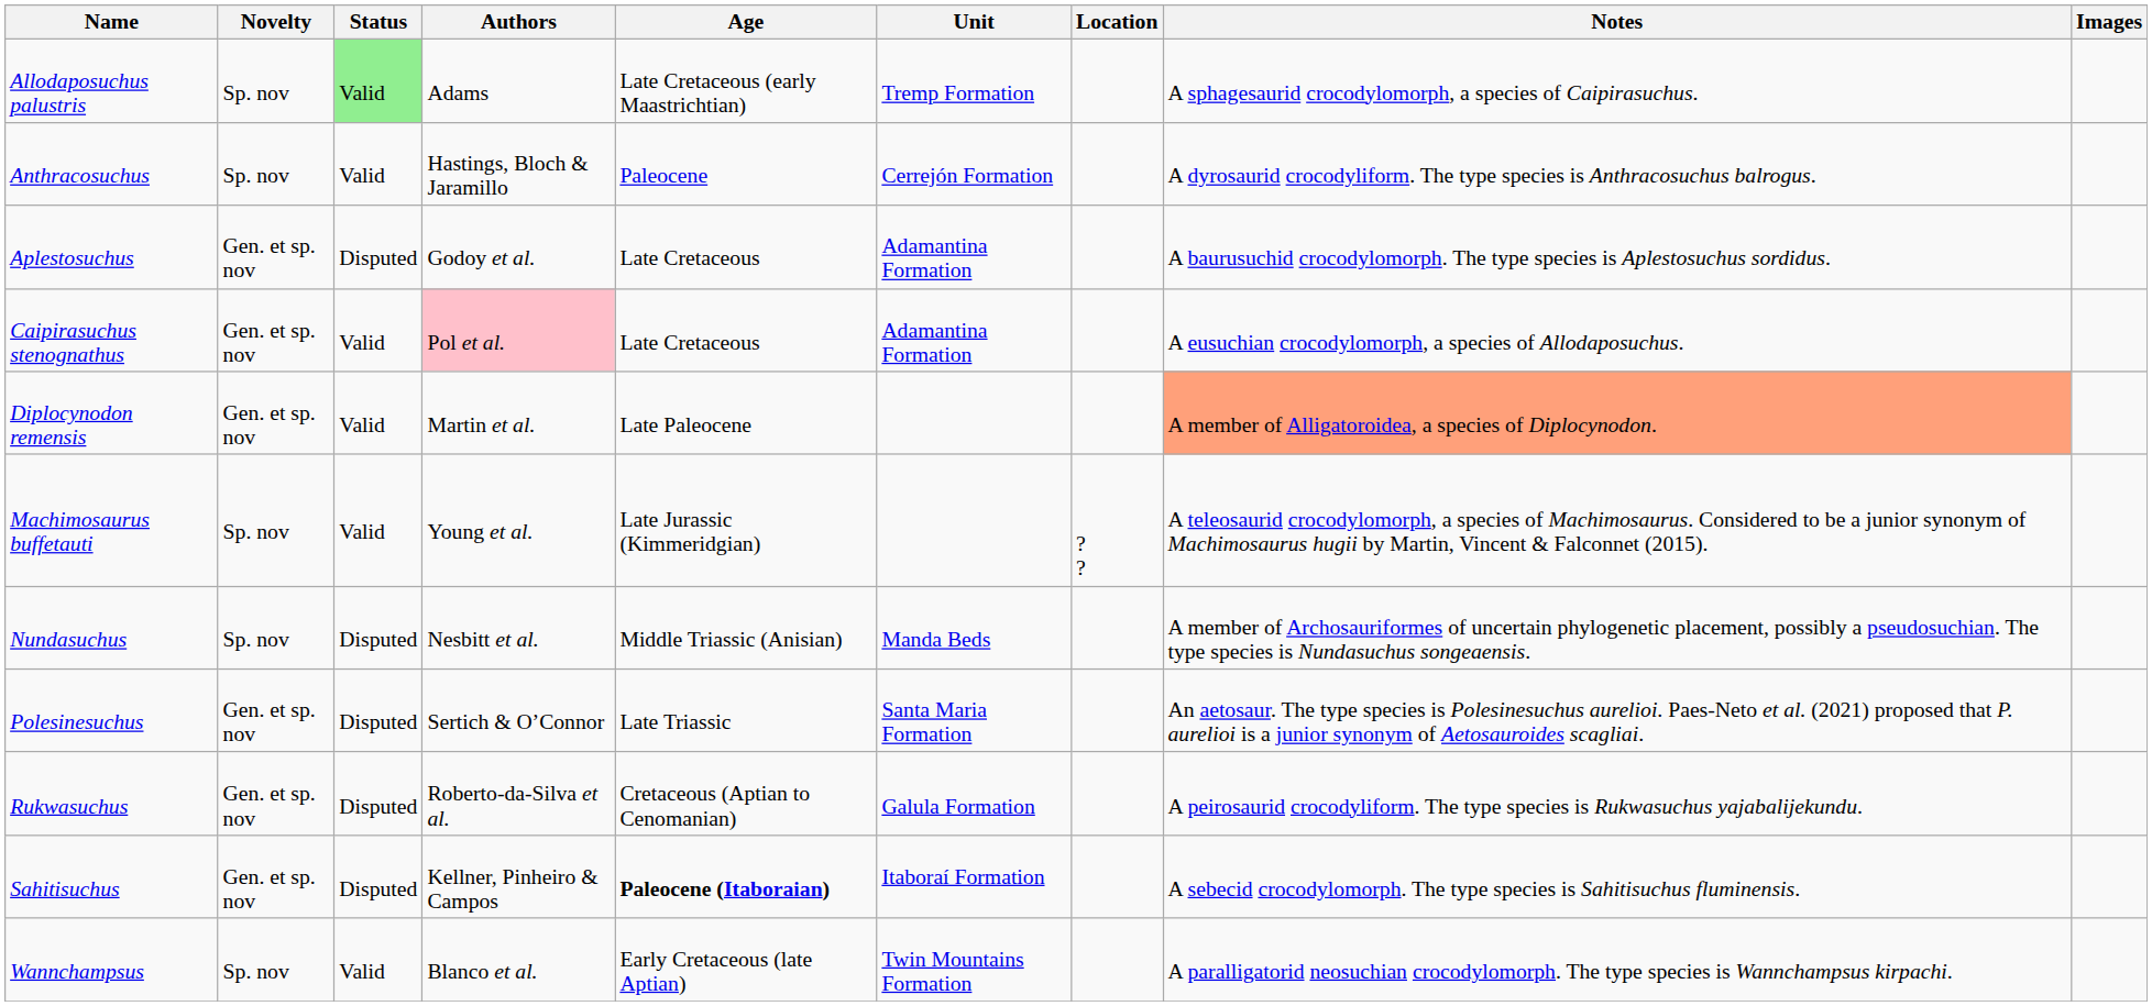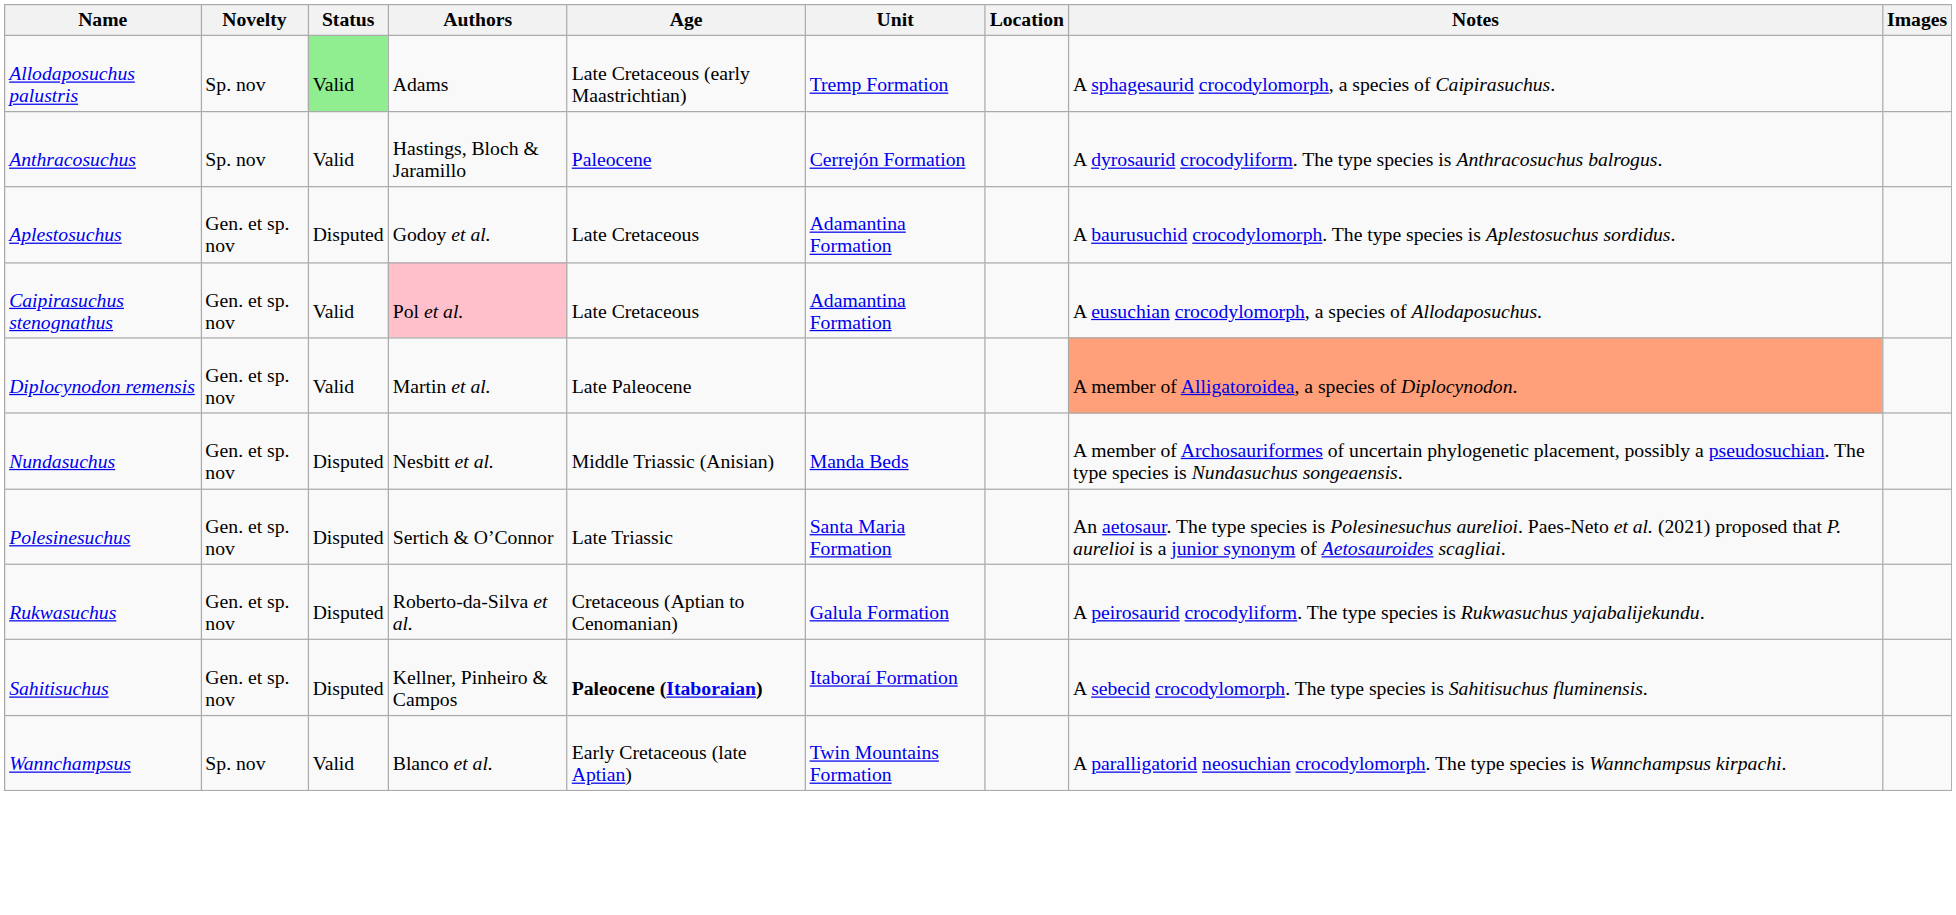 <table class="wikitable sortable" align="center" width="100%">
 <tr>
 <th>Name</th>
 <th>Novelty</th>
 <th>Status</th>
 <th>Authors</th>
 <th>Age</th>
 <th>Unit</th>
 <th>Location</th>
 <th>Notes</th>
 <th>Images</th>
 </tr>
 <tr>
 <td><br><em><a href='#'>Allodaposuchus palustris</a></em></td>
 <td><br>Sp. nov</td>
 <td style="background: lightgreen;"><br>Valid</td>
 <td><br>Adams</td>
 <td><br>Late Cretaceous (early Maastrichtian)</td>
 <td><br><a href='#'>Tremp Formation</a></td>
 <td><br></td>
 <td><br>A <a href='#'>sphagesaurid</a> <a href='#'>crocodylomorph</a>, a species of <em>Caipirasuchus</em>.</td>
 <td></td>
 </tr>
 <tr>
 <td><br><em><a href='#'>Anthracosuchus</a></em></td>
 <td><br>Sp. nov</td>
 <td><br>Valid</td>
 <td><br>Hastings, Bloch & Jaramillo</td>
 <td><br><a href='#'>Paleocene</a></td>
 <td><br><a href='#'>Cerrejón Formation</a></td>
 <td><br></td>
 <td><br>A <a href='#'>dyrosaurid</a> <a href='#'>crocodyliform</a>. The type species is <em>Anthracosuchus balrogus</em>.</td>
 <td></td>
 </tr>
 <tr>
 <td><br><em><a href='#'>Aplestosuchus</a></em></td>
 <td><br>Gen. et sp. nov</td>
 <td><br>Disputed</td>
 <td><br>Godoy <em>et al.</em></td>
 <td><br>Late Cretaceous</td>
 <td><br><a href='#'>Adamantina Formation</a></td>
 <td><br></td>
 <td><br>A <a href='#'>baurusuchid</a> <a href='#'>crocodylomorph</a>. The type species is <em>Aplestosuchus sordidus</em>.</td>
 <td></td>
 </tr>
 <tr>
 <td><br><em><a href='#'>Caipirasuchus stenognathus</a></em></td>
 <td><br>Gen. et sp. nov</td>
 <td><br>Valid</td>
 <td style="background: pink;"><br>Pol <em>et al.</em></td>
 <td><br>Late Cretaceous</td>
 <td><br><a href='#'>Adamantina Formation</a></td>
 <td><br></td>
 <td><br>A <a href='#'>eusuchian</a> <a href='#'>crocodylomorph</a>, a species of <em>Allodaposuchus</em>.</td>
 <td></td>
 </tr>
 <tr>
 <td><br><em><a href='#'>Diplocynodon remensis</a></em></td>
 <td><br>Gen. et sp. nov</td>
 <td><br>Valid</td>
 <td><br>Martin <em>et al.</em></td>
 <td><br>Late Paleocene</td>
 <td></td>
 <td><br></td>
 <td style="background: lightsalmon;"><br>A member of <a href='#'>Alligatoroidea</a>, a species of <em>Diplocynodon</em>.</td>
 <td></td>
 </tr>
 <tr>
-<td><br><em><a href='#'>Machimosaurus buffetauti</a></em></td>
-<td><br>Sp. nov</td>
-<td><br>Valid</td>
-<td><br>Young <em>et al.</em></td>
-<td><br>Late Jurassic (Kimmeridgian)</td>
-<td></td>
-<td><br><br> <br> ?<br> ?<br></td>
-<td><br>A <a href='#'>teleosaurid</a> <a href='#'>crocodylomorph</a>, a species of <em>Machimosaurus</em>. Considered to be a junior synonym of <em>Machimosaurus hugii</em> by Martin, Vincent & Falconnet (2015).</td>
-<td></td>
-</tr>
-<tr>
 <td><br><em><a href='#'>Nundasuchus</a></em></td>
-<td><br>Sp. nov</td>
+<td><br>Gen. et sp. nov</td>
 <td><br>Disputed</td>
 <td><br>Nesbitt <em>et al.</em></td>
 <td><br>Middle Triassic (Anisian)</td>
 <td><br><a href='#'>Manda Beds</a></td>
 <td><br></td>
 <td><br>A member of <a href='#'>Archosauriformes</a> of uncertain phylogenetic placement, possibly a <a href='#'>pseudosuchian</a>. The type species is <em>Nundasuchus songeaensis</em>.</td>
 <td></td>
 </tr>
 <tr>
 <td><br><em><a href='#'>Polesinesuchus</a></em></td>
 <td><br>Gen. et sp. nov</td>
 <td><br>Disputed</td>
 <td><br>Sertich & O’Connor</td>
 <td><br>Late Triassic</td>
 <td><br><a href='#'>Santa Maria Formation</a></td>
 <td><br></td>
 <td><br>An <a href='#'>aetosaur</a>. The type species is <em>Polesinesuchus aurelioi</em>. Paes-Neto <em>et al.</em> (2021) proposed that <em>P. aurelioi</em> is a <a href='#'>junior synonym</a> of <em><a href='#'>Aetosauroides</a> scagliai</em>.</td>
 <td></td>
 </tr>
 <tr>
 <td><br><em><a href='#'>Rukwasuchus</a></em></td>
 <td><br>Gen. et sp. nov</td>
 <td><br>Disputed</td>
 <td><br>Roberto-da-Silva <em>et al.</em></td>
 <td><br>Cretaceous (Aptian to Cenomanian)</td>
 <td><br><a href='#'>Galula Formation</a></td>
 <td><br></td>
 <td><br>A <a href='#'>peirosaurid</a> <a href='#'>crocodyliform</a>. The type species is <em>Rukwasuchus yajabalijekundu</em>.</td>
 <td></td>
 </tr>
 <tr>
 <td><br><em><a href='#'>Sahitisuchus</a></em></td>
 <td><br>Gen. et sp. nov</td>
 <td><br>Disputed</td>
 <td><br>Kellner, Pinheiro & Campos</td>
 <td><strong><br>Paleocene (<a href='#'>Itaboraian</a>)</strong></td>
 <td><a href='#'>Itaboraí Formation</a></td>
 <td><br></td>
 <td><br>A <a href='#'>sebecid</a> <a href='#'>crocodylomorph</a>. The type species is <em>Sahitisuchus fluminensis</em>.</td>
 <td></td>
 </tr>
 <tr>
 <td><br><em><a href='#'>Wannchampsus</a></em></td>
 <td><br>Sp. nov</td>
 <td><br>Valid</td>
 <td><br>Blanco <em>et al.</em></td>
 <td><br>Early Cretaceous (late <a href='#'>Aptian</a>)</td>
 <td><br><a href='#'>Twin Mountains Formation</a></td>
 <td><br></td>
 <td><br>A <a href='#'>paralligatorid</a> <a href='#'>neosuchian</a> <a href='#'>crocodylomorph</a>. The type species is <em>Wannchampsus kirpachi</em>.</td>
 <td></td>
 </tr>
 <tr>
 </tr>
 </table>
